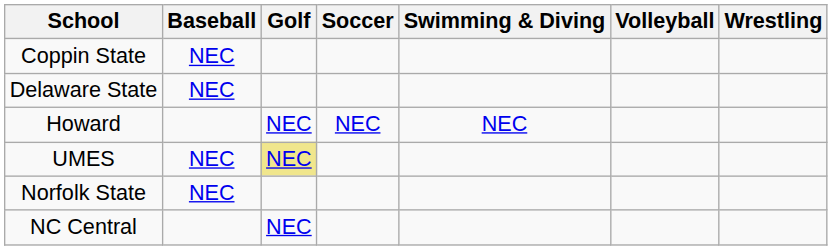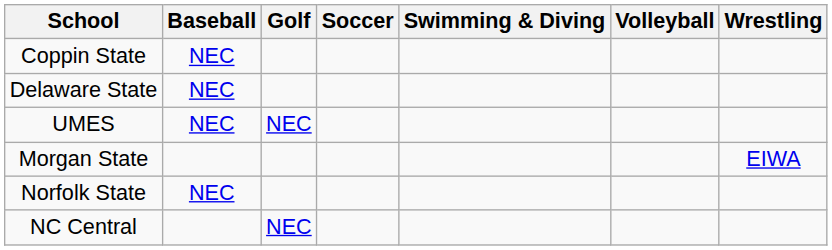 <table class="wikitable" style="text-align:center;">
 <tr>
 <th>School</th>
 <th>Baseball</th>
 <th>Golf</th>
 <th>Soccer</th>
 <th>Swimming & Diving</th>
 <th>Volleyball</th>
 <th>Wrestling</th>
 </tr>
 <tr>
 <td>Coppin State</td>
 <td><a href='#'>NEC</a></td>
 <td></td>
 <td></td>
 <td></td>
 <td></td>
 <td></td>
 </tr>
 <tr>
 <td>Delaware State</td>
 <td><a href='#'>NEC</a></td>
 <td></td>
 <td></td>
 <td></td>
 <td></td>
 <td></td>
 </tr>
 <tr>
-<td>Howard</td>
-<td></td>
-<td><a href='#'>NEC</a></td>
+<td>UMES</td>
 <td><a href='#'>NEC</a></td>
 <td><a href='#'>NEC</a></td>
 <td></td>
 <td></td>
+<td align=center></td>
+<td></td>
 </tr>
 <tr>
-<td>UMES</td>
-<td><a href='#'>NEC</a></td>
-<td style="background: khaki;"><a href='#'>NEC</a></td>
+<td>Morgan State</td>
 <td></td>
 <td></td>
-<td align=center></td>
 <td></td>
+<td></td>
+<td></td>
+<td><a href='#'>EIWA</a></td>
 </tr>
 <tr>
 <td>Norfolk State</td>
 <td><a href='#'>NEC</a></td>
 <td></td>
 <td></td>
 <td></td>
 <td></td>
 <td></td>
 </tr>
 <tr>
 <td>NC Central</td>
 <td></td>
 <td><a href='#'>NEC</a></td>
 <td></td>
 <td></td>
 <td></td>
 <td></td>
 </tr>
 </table>
